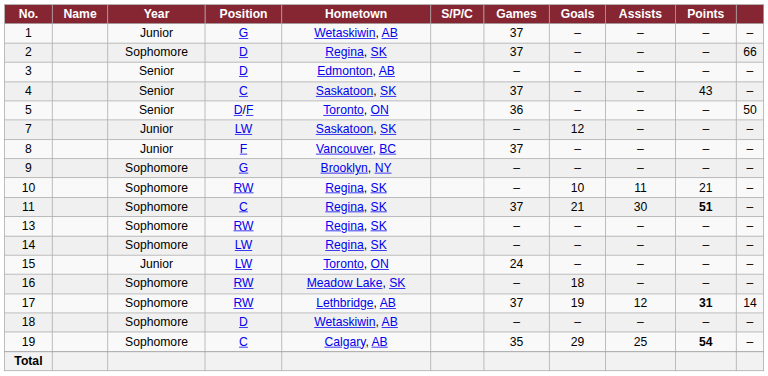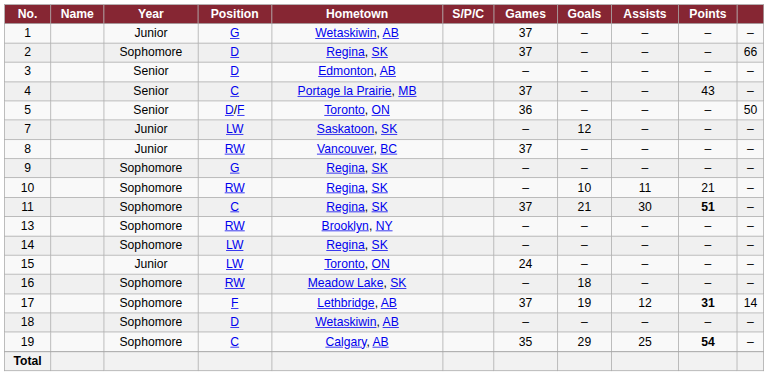 <table class="wikitable sortable" width ="1000">
 <tr align="center">
 <th style="color:white; background:#862633; ">No.</th>
 <th style="color:white; background:#862633; ">Name</th>
 <th style="color:white; background:#862633; ">Year</th>
 <th style="color:white; background:#862633; ">Position</th>
 <th style="color:white; background:#862633; ">Hometown</th>
 <th style="color:white; background:#862633; ">S/P/C</th>
 <th style="color:white; background:#862633; ">Games</th>
 <th style="color:white; background:#862633; ">Goals</th>
 <th style="color:white; background:#862633; ">Assists</th>
 <th style="color:white; background:#862633; ">Points</th>
 <th style="color:white; background:#862633; "><a href='#'></a></th>
 </tr>
 <tr align="center" bgcolor="">
 <td>1</td>
 <td></td>
 <td>Junior</td>
 <td><a href='#'>G</a></td>
 <td><a href='#'>Wetaskiwin</a>, <a href='#'>AB</a></td>
 <td></td>
 <td>37</td>
 <td>–</td>
 <td>–</td>
 <td>–</td>
 <td>–</td>
 </tr>
 <tr align="center" bgcolor="#f0f0f0">
 <td>2</td>
 <td></td>
 <td>Sophomore</td>
 <td><a href='#'>D</a></td>
 <td><a href='#'>Regina</a>, <a href='#'>SK</a></td>
 <td></td>
 <td>37</td>
 <td>–</td>
 <td>–</td>
 <td>–</td>
 <td>66</td>
 </tr>
 <tr align="center">
 <td>3</td>
 <td></td>
 <td>Senior</td>
 <td><a href='#'>D</a></td>
 <td><a href='#'>Edmonton</a>, <a href='#'>AB</a></td>
 <td></td>
 <td>–</td>
 <td>–</td>
 <td>–</td>
 <td>–</td>
 <td>–</td>
 </tr>
 <tr align="center" bgcolor="#f0f0f0">
 <td>4</td>
 <td></td>
 <td>Senior</td>
 <td><a href='#'>C</a></td>
-<td><a href='#'>Saskatoon</a>, <a href='#'>SK</a></td>
+<td><a href='#'>Portage la Prairie</a>, <a href='#'>MB</a></td>
 <td></td>
 <td>37</td>
 <td>–</td>
 <td>–</td>
 <td>43</td>
 <td>–</td>
 </tr>
 <tr align="center">
 <td>5</td>
 <td></td>
 <td>Senior</td>
 <td><a href='#'>D</a>/<a href='#'>F</a></td>
 <td><a href='#'>Toronto</a>, <a href='#'>ON</a></td>
 <td></td>
 <td>36</td>
 <td>–</td>
 <td>–</td>
 <td>–</td>
 <td>50</td>
 </tr>
 <tr align="center" bgcolor="#f0f0f0">
 <td>7</td>
 <td></td>
 <td>Junior</td>
 <td><a href='#'>LW</a></td>
 <td><a href='#'>Saskatoon</a>, <a href='#'>SK</a></td>
 <td></td>
 <td>–</td>
 <td>12</td>
 <td>–</td>
 <td>–</td>
 <td>–</td>
 </tr>
 <tr align="center">
 <td>8</td>
 <td></td>
 <td>Junior</td>
-<td><a href='#'>F</a></td>
+<td><a href='#'>RW</a></td>
 <td><a href='#'>Vancouver</a>, <a href='#'>BC</a></td>
 <td></td>
 <td>37</td>
 <td>–</td>
 <td>–</td>
 <td>–</td>
 <td>–</td>
 </tr>
 <tr align="center" bgcolor="#f0f0f0">
 <td>9</td>
 <td></td>
 <td>Sophomore</td>
 <td><a href='#'>G</a></td>
-<td><a href='#'>Brooklyn</a>, <a href='#'>NY</a></td>
+<td><a href='#'>Regina</a>, <a href='#'>SK</a></td>
 <td></td>
 <td>–</td>
 <td>–</td>
 <td>–</td>
 <td>–</td>
 <td>–</td>
 </tr>
 <tr align="center">
 <td>10</td>
 <td></td>
 <td>Sophomore</td>
 <td><a href='#'>RW</a></td>
 <td><a href='#'>Regina</a>, <a href='#'>SK</a></td>
 <td></td>
 <td>–</td>
 <td>10</td>
 <td>11</td>
 <td>21</td>
 <td>–</td>
 </tr>
 <tr align="center" bgcolor="#f0f0f0">
 <td>11</td>
 <td></td>
 <td>Sophomore</td>
 <td><a href='#'>C</a></td>
 <td><a href='#'>Regina</a>, <a href='#'>SK</a></td>
 <td></td>
 <td>37</td>
 <td>21</td>
 <td>30</td>
 <td><strong>51</strong></td>
 <td>–</td>
 </tr>
 <tr align="center">
 <td>13</td>
 <td></td>
 <td>Sophomore</td>
 <td><a href='#'>RW</a></td>
-<td><a href='#'>Regina</a>, <a href='#'>SK</a></td>
+<td><a href='#'>Brooklyn</a>, <a href='#'>NY</a></td>
 <td></td>
 <td>–</td>
 <td>–</td>
 <td>–</td>
 <td>–</td>
 <td>–</td>
 </tr>
 <tr align="center" bgcolor="#f0f0f0">
 <td>14</td>
 <td></td>
 <td>Sophomore</td>
 <td><a href='#'>LW</a></td>
 <td><a href='#'>Regina</a>, <a href='#'>SK</a></td>
 <td></td>
 <td>–</td>
 <td>–</td>
 <td>–</td>
 <td>–</td>
 <td>–</td>
 </tr>
 <tr align="center">
 <td>15</td>
 <td></td>
 <td>Junior</td>
 <td><a href='#'>LW</a></td>
 <td><a href='#'>Toronto</a>, <a href='#'>ON</a></td>
 <td></td>
 <td>24</td>
 <td>–</td>
 <td>–</td>
 <td>–</td>
 <td>–</td>
 </tr>
 <tr align="center" bgcolor="#f0f0f0">
 <td>16</td>
 <td></td>
 <td>Sophomore</td>
 <td><a href='#'>RW</a></td>
 <td><a href='#'>Meadow Lake</a>, <a href='#'>SK</a></td>
 <td></td>
 <td>–</td>
 <td>18</td>
 <td>–</td>
 <td>–</td>
 <td>–</td>
 </tr>
 <tr align="center">
 <td>17</td>
 <td></td>
 <td>Sophomore</td>
-<td><a href='#'>RW</a></td>
+<td><a href='#'>F</a></td>
 <td><a href='#'>Lethbridge</a>, <a href='#'>AB</a></td>
 <td></td>
 <td>37</td>
 <td>19</td>
 <td>12</td>
 <td><strong>31</strong></td>
 <td>14</td>
 </tr>
 <tr align="center" bgcolor="#f0f0f0">
 <td>18</td>
 <td></td>
 <td>Sophomore</td>
 <td><a href='#'>D</a></td>
 <td><a href='#'>Wetaskiwin</a>, <a href='#'>AB</a></td>
 <td></td>
 <td>–</td>
 <td>–</td>
 <td>–</td>
 <td>–</td>
 <td>–</td>
 </tr>
 <tr align="center">
 <td>19</td>
 <td></td>
 <td>Sophomore</td>
 <td><a href='#'>C</a></td>
 <td><a href='#'>Calgary</a>, <a href='#'>AB</a></td>
 <td></td>
 <td>35</td>
 <td>29</td>
 <td>25</td>
 <td><strong>54</strong></td>
 <td>–</td>
 </tr>
 <tr align="center" bgcolor="#f0f0f0">
 </tr>
 <tr>
 <th>Total</th>
 <th></th>
 <th></th>
 <th></th>
 <th></th>
 <th></th>
 <th></th>
 <th></th>
 <th></th>
 <th></th>
 <th></th>
 </tr>
 </table>
